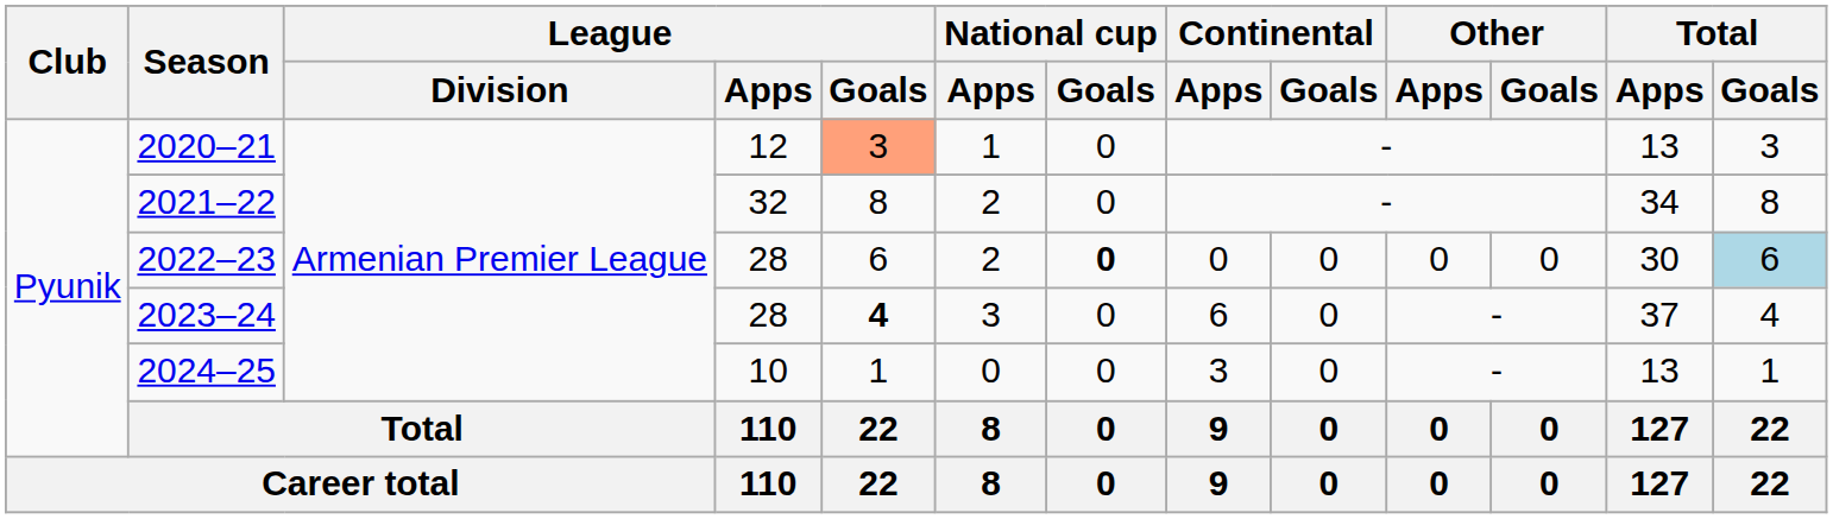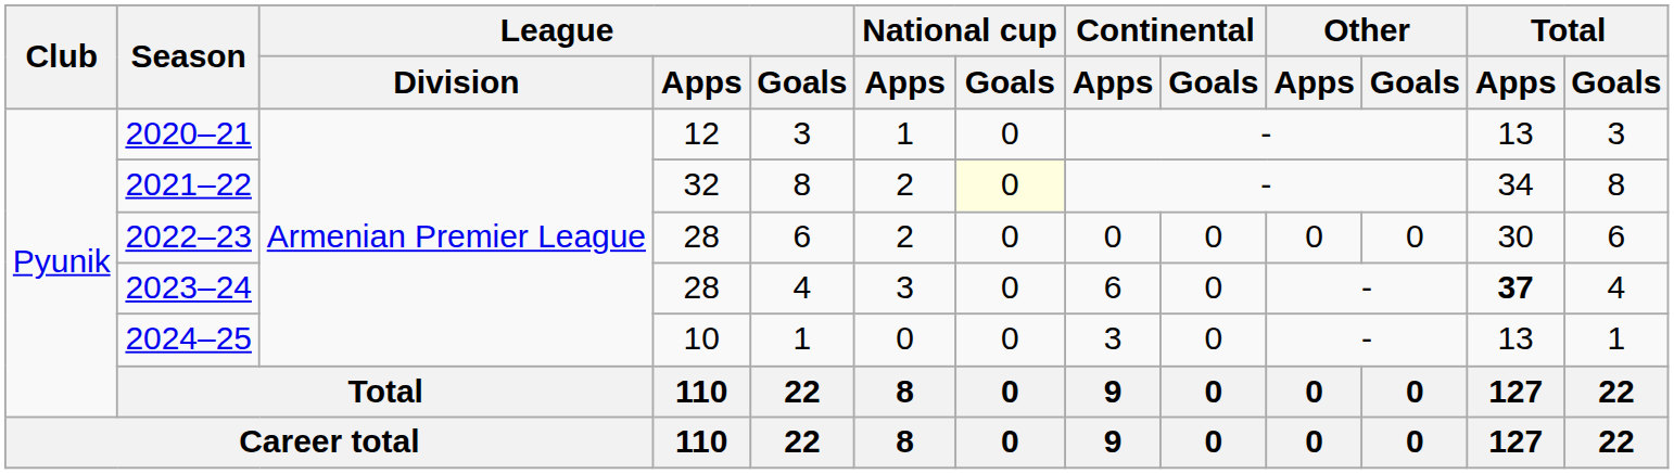 <table class="wikitable" style="text-align:center">
 <tr>
 <th rowspan="2">Club</th>
 <th rowspan="2">Season</th>
 <th colspan="3">League</th>
 <th colspan="2">National cup</th>
 <th colspan="2">Continental</th>
 <th colspan="2">Other</th>
 <th colspan="2">Total</th>
 </tr>
 <tr>
 <th>Division</th>
 <th>Apps</th>
 <th>Goals</th>
 <th>Apps</th>
 <th>Goals</th>
 <th>Apps</th>
 <th>Goals</th>
 <th>Apps</th>
 <th>Goals</th>
 <th>Apps</th>
 <th>Goals</th>
 </tr>
 <tr>
 <td rowspan="6"><a href='#'>Pyunik</a></td>
 <td><a href='#'>2020–21</a></td>
 <td rowspan="5"><a href='#'>Armenian Premier League</a></td>
 <td>12</td>
-<td style="background: lightsalmon;">3</td>
+<td>3</td>
 <td>1</td>
 <td>0</td>
 <td colspan="4">-</td>
 <td>13</td>
 <td>3</td>
 </tr>
 <tr>
 <td><a href='#'>2021–22</a></td>
 <td>32</td>
 <td>8</td>
 <td>2</td>
-<td>0</td>
+<td style="background: lightyellow;">0</td>
 <td colspan="4">-</td>
 <td>34</td>
 <td>8</td>
 </tr>
 <tr>
 <td><a href='#'>2022–23</a></td>
 <td>28</td>
 <td>6</td>
 <td>2</td>
-<td><strong>0</strong></td>
+<td>0</td>
 <td>0</td>
 <td>0</td>
 <td>0</td>
 <td>0</td>
 <td>30</td>
-<td style="background: lightblue;">6</td>
+<td>6</td>
 </tr>
 <tr>
 <td><a href='#'>2023–24</a></td>
 <td>28</td>
-<td><strong>4</strong></td>
+<td>4</td>
 <td>3</td>
 <td>0</td>
 <td>6</td>
 <td>0</td>
 <td colspan="2">-</td>
-<td>37</td>
+<td><strong>37</strong></td>
 <td>4</td>
 </tr>
 <tr>
 <td><a href='#'>2024–25</a></td>
 <td>10</td>
 <td>1</td>
 <td>0</td>
 <td>0</td>
 <td>3</td>
 <td>0</td>
 <td colspan="2">-</td>
 <td>13</td>
 <td>1</td>
 </tr>
 <tr>
 <th colspan="2">Total</th>
 <th>110</th>
 <th>22</th>
 <th>8</th>
 <th>0</th>
 <th>9</th>
 <th>0</th>
 <th>0</th>
 <th>0</th>
 <th>127</th>
 <th>22</th>
 </tr>
 <tr>
 <th colspan="3">Career total</th>
 <th>110</th>
 <th>22</th>
 <th>8</th>
 <th>0</th>
 <th>9</th>
 <th>0</th>
 <th>0</th>
 <th>0</th>
 <th>127</th>
 <th>22</th>
 </tr>
 </table>
